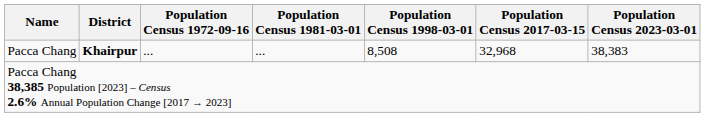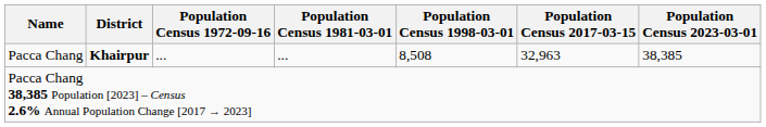 <table class="wikitable">
 <tr>
 <th>Name</th>
 <th>District</th>
 <th>Population<br>Census 1972-09-16</th>
 <th>Population<br>Census 1981-03-01</th>
 <th>Population<br>Census 1998-03-01</th>
 <th>Population<br>Census 2017-03-15</th>
 <th>Population<br>Census 2023-03-01</th>
 </tr>
 <tr>
 <td>Pacca Chang</td>
 <td><strong>Khairpur</strong></td>
 <td>...</td>
 <td>...</td>
 <td>8,508</td>
-<td>32,968</td>
-<td>38,383</td>
+<td>32,963</td>
+<td>38,385</td>
 </tr>
 <tr>
 <td colspan="20">Pacca Chang<br><strong>38,385</strong> <small>Population [2023] <em>– Census</em></small><br><strong>2.6%</strong> <small>Annual Population Change [2017 → 2023]</small></td>
 </tr>
 </table>
